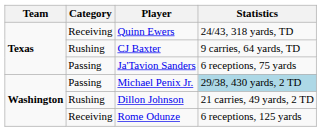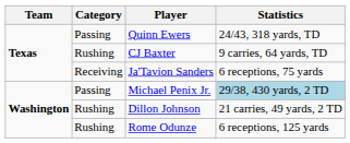 <table class="wikitable" style="float: right;">
 <tr>
 <th>Team</th>
 <th>Category</th>
 <th>Player</th>
 <th>Statistics</th>
 </tr>
 <tr>
 <td rowspan=3><strong>Texas</strong></td>
-<td>Receiving</td>
+<td>Passing</td>
 <td><a href='#'>Quinn Ewers</a></td>
 <td>24/43, 318 yards, TD</td>
 </tr>
 <tr>
 <td>Rushing</td>
 <td><a href='#'>CJ Baxter</a></td>
 <td>9 carries, 64 yards, TD</td>
 </tr>
 <tr>
-<td>Passing</td>
+<td>Receiving</td>
 <td><a href='#'>Ja'Tavion Sanders</a></td>
 <td>6 receptions, 75 yards</td>
 </tr>
 <tr>
 <td rowspan=3><strong>Washington</strong></td>
 <td>Passing</td>
 <td><a href='#'>Michael Penix Jr.</a></td>
 <td style="background: lightblue;">29/38, 430 yards, 2 TD</td>
 </tr>
 <tr>
 <td>Rushing</td>
 <td><a href='#'>Dillon Johnson</a></td>
 <td>21 carries, 49 yards, 2 TD</td>
 </tr>
 <tr>
-<td>Receiving</td>
+<td>Rushing</td>
 <td><a href='#'>Rome Odunze</a></td>
 <td>6 receptions, 125 yards</td>
 </tr>
 </table>
